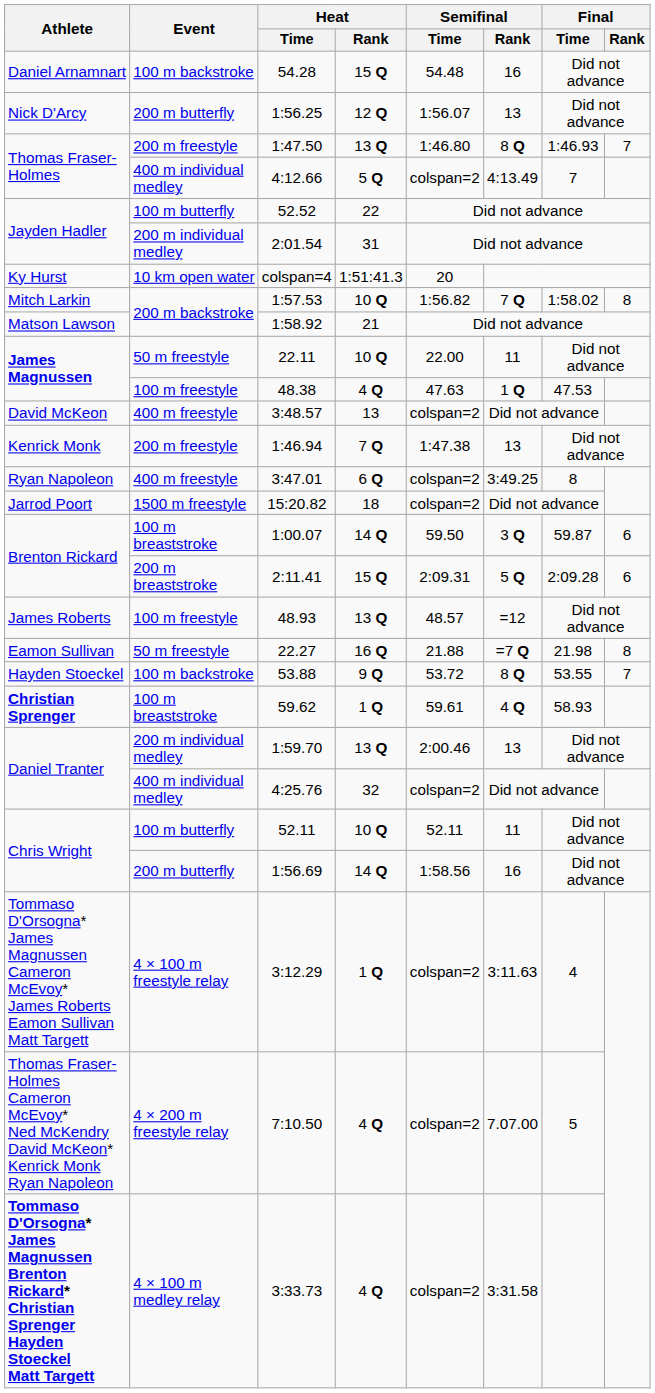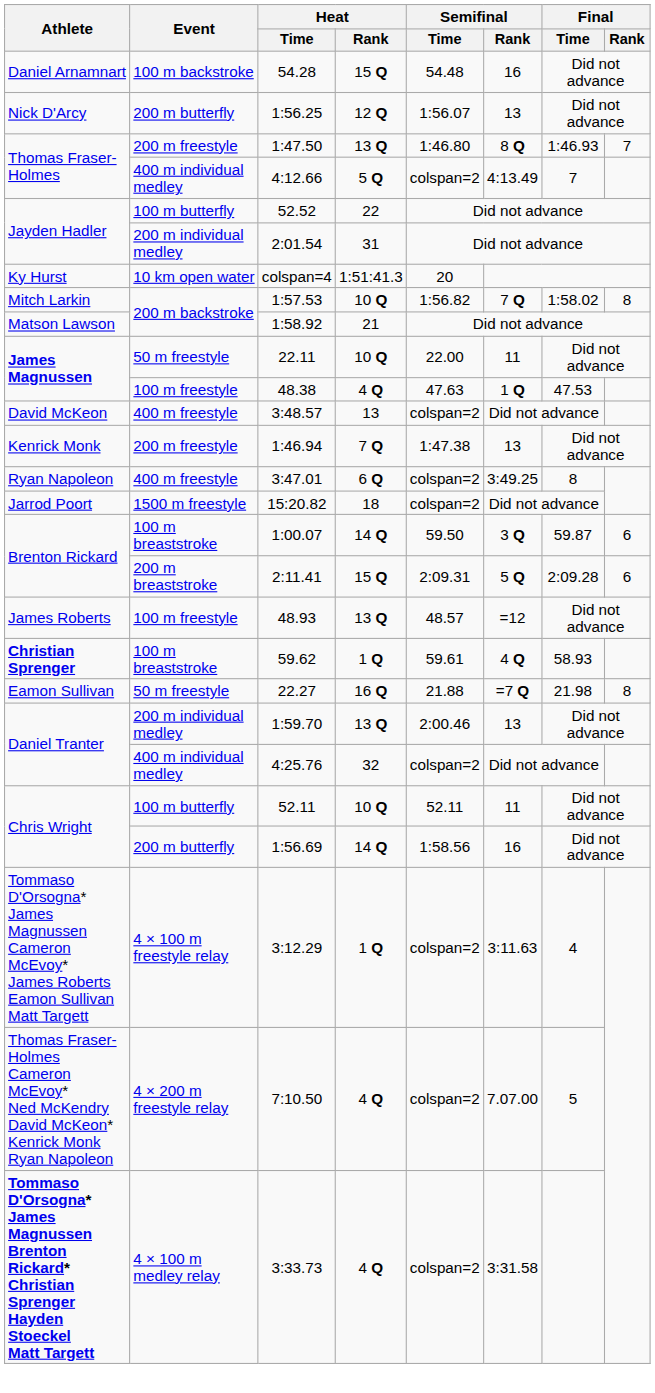 <table class=wikitable style="font-size:90%">
 <tr>
 <th rowspan="2">Athlete</th>
 <th rowspan="2">Event</th>
 <th colspan="2">Heat</th>
 <th colspan="2">Semifinal</th>
 <th colspan="2">Final</th>
 </tr>
 <tr style="font-size:95%">
 <th>Time</th>
 <th>Rank</th>
 <th>Time</th>
 <th>Rank</th>
 <th>Time</th>
 <th>Rank</th>
 </tr>
 <tr align=center>
 <td align=left><a href='#'>Daniel Arnamnart</a></td>
 <td align=left><a href='#'>100 m backstroke</a></td>
 <td>54.28</td>
 <td>15 <strong>Q</strong></td>
 <td>54.48</td>
 <td>16</td>
 <td colspan=2>Did not advance</td>
 </tr>
 <tr align=center>
 <td align=left><a href='#'>Nick D'Arcy</a></td>
 <td align=left><a href='#'>200 m butterfly</a></td>
 <td>1:56.25</td>
 <td>12 <strong>Q</strong></td>
 <td>1:56.07</td>
 <td>13</td>
 <td colspan=2>Did not advance</td>
 </tr>
 <tr align=center>
 <td align=left rowspan=2><a href='#'>Thomas Fraser-Holmes</a></td>
 <td align=left><a href='#'>200 m freestyle</a></td>
 <td>1:47.50</td>
 <td>13 <strong>Q</strong></td>
 <td>1:46.80</td>
 <td>8 <strong>Q</strong></td>
 <td>1:46.93</td>
 <td>7</td>
 </tr>
 <tr align=center>
 <td align=left><a href='#'>400 m individual medley</a></td>
 <td>4:12.66</td>
 <td>5 <strong>Q</strong></td>
 <td>colspan=2 </td>
 <td>4:13.49</td>
 <td>7</td>
 </tr>
 <tr align=center>
 <td align=left rowspan=2><a href='#'>Jayden Hadler</a></td>
 <td align=left><a href='#'>100 m butterfly</a></td>
 <td>52.52</td>
 <td>22</td>
 <td colspan=4>Did not advance</td>
 </tr>
 <tr align=center>
 <td align=left><a href='#'>200 m individual medley</a></td>
 <td>2:01.54</td>
 <td>31</td>
 <td colspan=4>Did not advance</td>
 </tr>
 <tr align=center>
 <td align=left><a href='#'>Ky Hurst</a></td>
 <td align=left><a href='#'>10 km open water</a></td>
 <td>colspan=4 </td>
 <td>1:51:41.3</td>
 <td>20</td>
 </tr>
 <tr align=center>
 <td align=left><a href='#'>Mitch Larkin</a></td>
 <td align=left rowspan=2><a href='#'>200 m backstroke</a></td>
 <td>1:57.53</td>
 <td>10 <strong>Q</strong></td>
 <td>1:56.82</td>
 <td>7 <strong>Q</strong></td>
 <td>1:58.02</td>
 <td>8</td>
 </tr>
 <tr align=center>
 <td align=left><a href='#'>Matson Lawson</a></td>
 <td>1:58.92</td>
 <td>21</td>
 <td colspan=4>Did not advance</td>
 </tr>
 <tr align=center>
 <td align=left rowspan=2><strong><a href='#'>James Magnussen</a></strong></td>
 <td align=left><a href='#'>50 m freestyle</a></td>
 <td>22.11</td>
 <td>10 <strong>Q</strong></td>
 <td>22.00</td>
 <td>11</td>
 <td colspan=2>Did not advance</td>
 </tr>
 <tr align=center>
 <td align=left><a href='#'>100 m freestyle</a></td>
 <td>48.38</td>
 <td>4 <strong>Q</strong></td>
 <td>47.63</td>
 <td>1 <strong>Q</strong></td>
 <td>47.53</td>
 <td></td>
 </tr>
 <tr align=center>
 <td align=left><a href='#'>David McKeon</a></td>
 <td align=left><a href='#'>400 m freestyle</a></td>
 <td>3:48.57</td>
 <td>13</td>
 <td>colspan=2 </td>
 <td colspan=2>Did not advance</td>
 </tr>
 <tr align=center>
 <td align=left><a href='#'>Kenrick Monk</a></td>
 <td align=left><a href='#'>200 m freestyle</a></td>
 <td>1:46.94</td>
 <td>7 <strong>Q</strong></td>
 <td>1:47.38</td>
 <td>13</td>
 <td colspan=2>Did not advance</td>
 </tr>
 <tr align=center>
 <td align=left><a href='#'>Ryan Napoleon</a></td>
 <td align=left><a href='#'>400 m freestyle</a></td>
 <td>3:47.01</td>
 <td>6 <strong>Q</strong></td>
 <td>colspan=2 </td>
 <td>3:49.25</td>
 <td>8</td>
 </tr>
 <tr align=center>
 <td align=left><a href='#'>Jarrod Poort</a></td>
 <td align=left><a href='#'>1500 m freestyle</a></td>
 <td>15:20.82</td>
 <td>18</td>
 <td>colspan=2 </td>
 <td colspan=2>Did not advance</td>
 </tr>
 <tr align=center>
 <td align=left rowspan=2><a href='#'>Brenton Rickard</a></td>
 <td align=left><a href='#'>100 m breaststroke</a></td>
 <td>1:00.07</td>
 <td>14 <strong>Q</strong></td>
 <td>59.50</td>
 <td>3 <strong>Q</strong></td>
 <td>59.87</td>
 <td>6</td>
 </tr>
 <tr align=center>
 <td align=left><a href='#'>200 m breaststroke</a></td>
 <td>2:11.41</td>
 <td>15 <strong>Q</strong></td>
 <td>2:09.31</td>
 <td>5 <strong>Q</strong></td>
 <td>2:09.28</td>
 <td>6</td>
 </tr>
 <tr align=center>
 <td align=left><a href='#'>James Roberts</a></td>
 <td align=left><a href='#'>100 m freestyle</a></td>
 <td>48.93</td>
 <td>13 <strong>Q</strong></td>
 <td>48.57</td>
 <td>=12</td>
 <td colspan=2>Did not advance</td>
 </tr>
 <tr align=center>
+<td align=left><strong><a href='#'>Christian Sprenger</a></strong></td>
+<td align=left><a href='#'>100 m breaststroke</a></td>
+<td>59.62</td>
+<td>1 <strong>Q</strong></td>
+<td>59.61</td>
+<td>4 <strong>Q</strong></td>
+<td>58.93</td>
+<td></td>
+</tr>
+<tr align=center>
 <td align=left><a href='#'>Eamon Sullivan</a></td>
 <td align=left><a href='#'>50 m freestyle</a></td>
 <td>22.27</td>
 <td>16 <strong>Q</strong></td>
 <td>21.88</td>
 <td>=7 <strong>Q</strong></td>
 <td>21.98</td>
 <td>8</td>
-</tr>
-<tr align=center>
-<td align=left><a href='#'>Hayden Stoeckel</a></td>
-<td align=left><a href='#'>100 m backstroke</a></td>
-<td>53.88</td>
-<td>9 <strong>Q</strong></td>
-<td>53.72</td>
-<td>8 <strong>Q</strong></td>
-<td>53.55</td>
-<td>7</td>
-</tr>
-<tr align=center>
-<td align=left><strong><a href='#'>Christian Sprenger</a></strong></td>
-<td align=left><a href='#'>100 m breaststroke</a></td>
-<td>59.62</td>
-<td>1 <strong>Q</strong></td>
-<td>59.61</td>
-<td>4 <strong>Q</strong></td>
-<td>58.93</td>
-<td></td>
 </tr>
 <tr align=center>
 <td align=left rowspan=2><a href='#'>Daniel Tranter</a></td>
 <td align=left><a href='#'>200 m individual medley</a></td>
 <td>1:59.70</td>
 <td>13 <strong>Q</strong></td>
 <td>2:00.46</td>
 <td>13</td>
 <td colspan=2>Did not advance</td>
 </tr>
 <tr align=center>
 <td align=left><a href='#'>400 m individual medley</a></td>
 <td>4:25.76</td>
 <td>32</td>
 <td>colspan=2 </td>
 <td colspan=2>Did not advance</td>
 </tr>
 <tr align=center>
 <td align=left rowspan=2><a href='#'>Chris Wright</a></td>
 <td align=left><a href='#'>100 m butterfly</a></td>
 <td>52.11</td>
 <td>10 <strong>Q</strong></td>
 <td>52.11</td>
 <td>11</td>
 <td colspan=2>Did not advance</td>
 </tr>
 <tr align=center>
 <td align=left><a href='#'>200 m butterfly</a></td>
 <td>1:56.69</td>
 <td>14 <strong>Q</strong></td>
 <td>1:58.56</td>
 <td>16</td>
 <td colspan=2>Did not advance</td>
 </tr>
 <tr align=center>
 <td align=left><a href='#'>Tommaso D'Orsogna</a>*<br><a href='#'>James Magnussen</a><br><a href='#'>Cameron McEvoy</a>*<br><a href='#'>James Roberts</a><br><a href='#'>Eamon Sullivan</a><br><a href='#'>Matt Targett</a></td>
 <td align=left><a href='#'>4 × 100 m freestyle relay</a></td>
 <td>3:12.29</td>
 <td>1 <strong>Q</strong></td>
 <td>colspan=2 </td>
 <td>3:11.63</td>
 <td>4</td>
 </tr>
 <tr align=center>
 <td align=left><a href='#'>Thomas Fraser-Holmes</a><br><a href='#'>Cameron McEvoy</a>*<br><a href='#'>Ned McKendry</a><br><a href='#'>David McKeon</a>*<br><a href='#'>Kenrick Monk</a><br><a href='#'>Ryan Napoleon</a></td>
 <td align=left><a href='#'>4 × 200 m freestyle relay</a></td>
 <td>7:10.50</td>
 <td>4 <strong>Q</strong></td>
 <td>colspan=2 </td>
 <td>7.07.00</td>
 <td>5</td>
 </tr>
 <tr align=center>
 <td align=left><strong><a href='#'>Tommaso D'Orsogna</a>*<br><a href='#'>James Magnussen</a><br><a href='#'>Brenton Rickard</a>*<br><a href='#'>Christian Sprenger</a><br><a href='#'>Hayden Stoeckel</a><br><a href='#'>Matt Targett</a></strong></td>
 <td align=left><a href='#'>4 × 100 m medley relay</a></td>
 <td>3:33.73</td>
 <td>4 <strong>Q</strong></td>
 <td>colspan=2 </td>
 <td>3:31.58</td>
 <td></td>
 </tr>
 </table>
